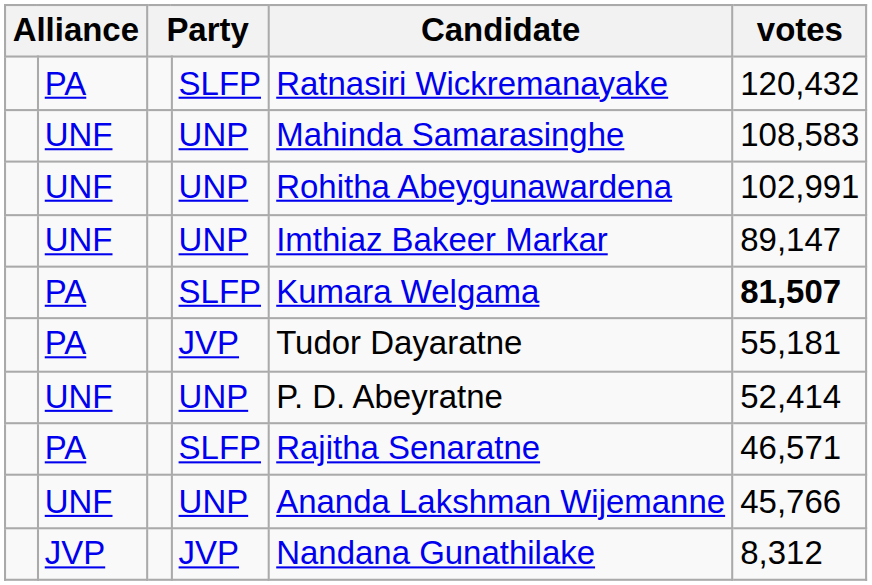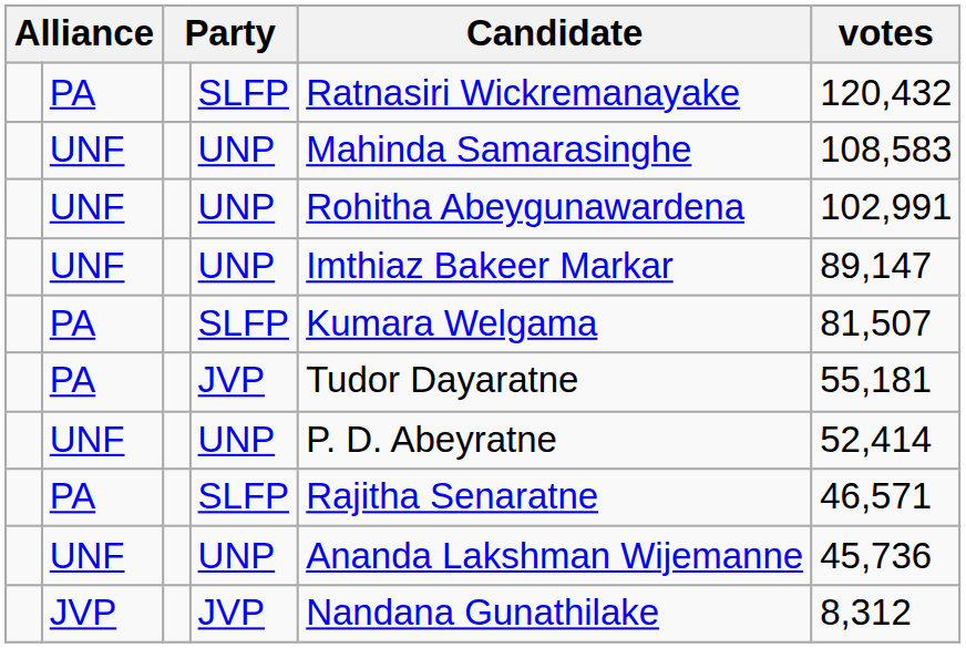 <table class="wikitable sortable mw-collapsible">
 <tr>
 <th colspan="2">Alliance</th>
 <th colspan="2">Party</th>
 <th>Candidate</th>
 <th>votes</th>
 </tr>
 <tr>
 <td bgcolor=> </td>
 <td align=left><a href='#'>PA</a></td>
 <td bgcolor=> </td>
 <td align=left><a href='#'>SLFP</a></td>
 <td><a href='#'>Ratnasiri Wickremanayake</a></td>
 <td>120,432</td>
 </tr>
 <tr>
 <td bgcolor=> </td>
 <td align=left><a href='#'>UNF</a></td>
 <td bgcolor=> </td>
 <td align=left><a href='#'>UNP</a></td>
 <td><a href='#'>Mahinda Samarasinghe</a></td>
 <td>108,583</td>
 </tr>
 <tr>
 <td bgcolor=> </td>
 <td align=left><a href='#'>UNF</a></td>
 <td bgcolor=> </td>
 <td align=left><a href='#'>UNP</a></td>
 <td><a href='#'>Rohitha Abeygunawardena</a></td>
 <td>102,991</td>
 </tr>
 <tr>
 <td bgcolor=> </td>
 <td align=left><a href='#'>UNF</a></td>
 <td bgcolor=> </td>
 <td align=left><a href='#'>UNP</a></td>
 <td><a href='#'>Imthiaz Bakeer Markar</a></td>
 <td>89,147</td>
 </tr>
 <tr>
 <td bgcolor=> </td>
 <td align=left><a href='#'>PA</a></td>
 <td bgcolor=> </td>
 <td align=left><a href='#'>SLFP</a></td>
 <td><a href='#'>Kumara Welgama</a></td>
-<td><strong>81,507</strong></td>
+<td>81,507</td>
 </tr>
 <tr>
 <td bgcolor=> </td>
 <td align=left><a href='#'>PA</a></td>
 <td bgcolor=> </td>
 <td align=left><a href='#'>JVP</a></td>
 <td>Tudor Dayaratne</td>
 <td>55,181</td>
 </tr>
 <tr>
 <td bgcolor=> </td>
 <td align=left><a href='#'>UNF</a></td>
 <td bgcolor=> </td>
 <td align=left><a href='#'>UNP</a></td>
 <td>P. D. Abeyratne</td>
 <td>52,414</td>
 </tr>
 <tr>
 <td bgcolor=> </td>
 <td align=left><a href='#'>PA</a></td>
 <td bgcolor=> </td>
 <td align=left><a href='#'>SLFP</a></td>
 <td><a href='#'>Rajitha Senaratne</a></td>
 <td>46,571</td>
 </tr>
 <tr>
 <td bgcolor=> </td>
 <td align=left><a href='#'>UNF</a></td>
 <td bgcolor=> </td>
 <td align=left><a href='#'>UNP</a></td>
 <td><a href='#'>Ananda Lakshman Wijemanne</a></td>
-<td>45,766</td>
+<td>45,736</td>
 </tr>
 <tr>
 <td bgcolor=> </td>
 <td align=left><a href='#'>JVP</a></td>
 <td bgcolor=> </td>
 <td align=left><a href='#'>JVP</a></td>
 <td><a href='#'>Nandana Gunathilake</a></td>
 <td>8,312</td>
 </tr>
 </table>
